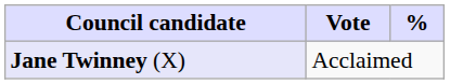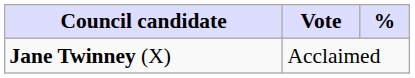 <table class="wikitable">
 <tr>
 <th style="background:#ddf; width:200px;">Council candidate</th>
 <th style="background:#ddf; width:50px;">Vote</th>
 <th style="background:#ddf; width:30px;">%</th>
 </tr>
 <tr>
-<td style="background: lavender;"><strong>Jane Twinney</strong> (X)</td>
+<td><strong>Jane Twinney</strong> (X)</td>
 <td colspan="2">Acclaimed</td>
 </tr>
 </table>
